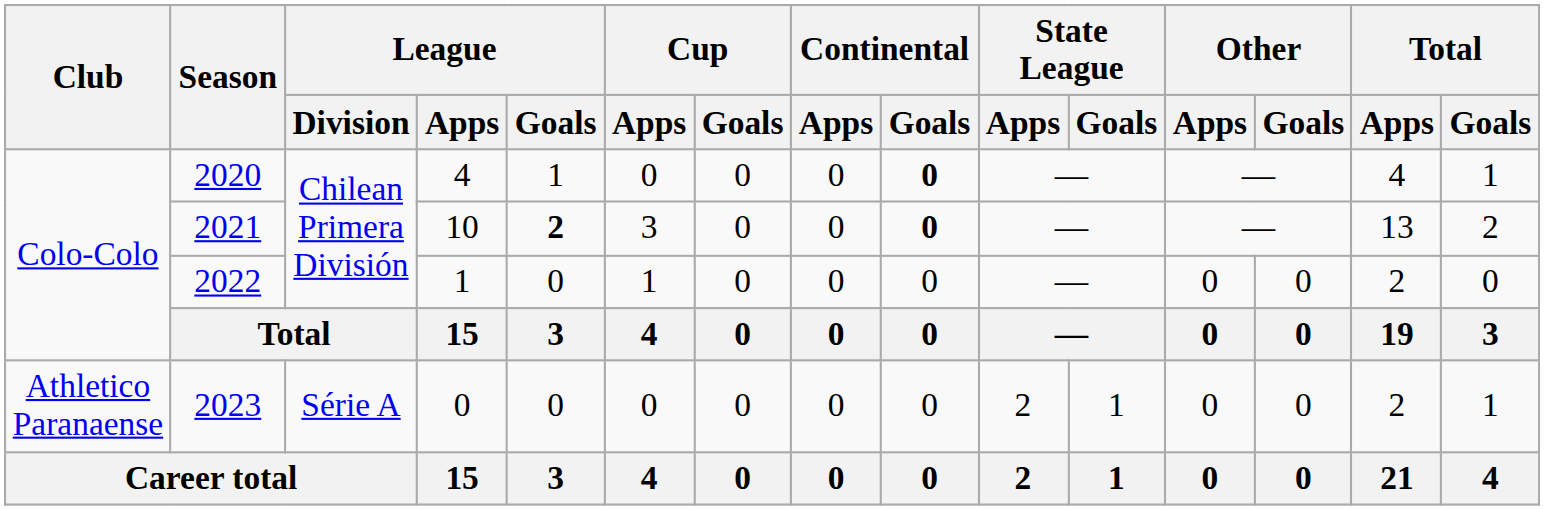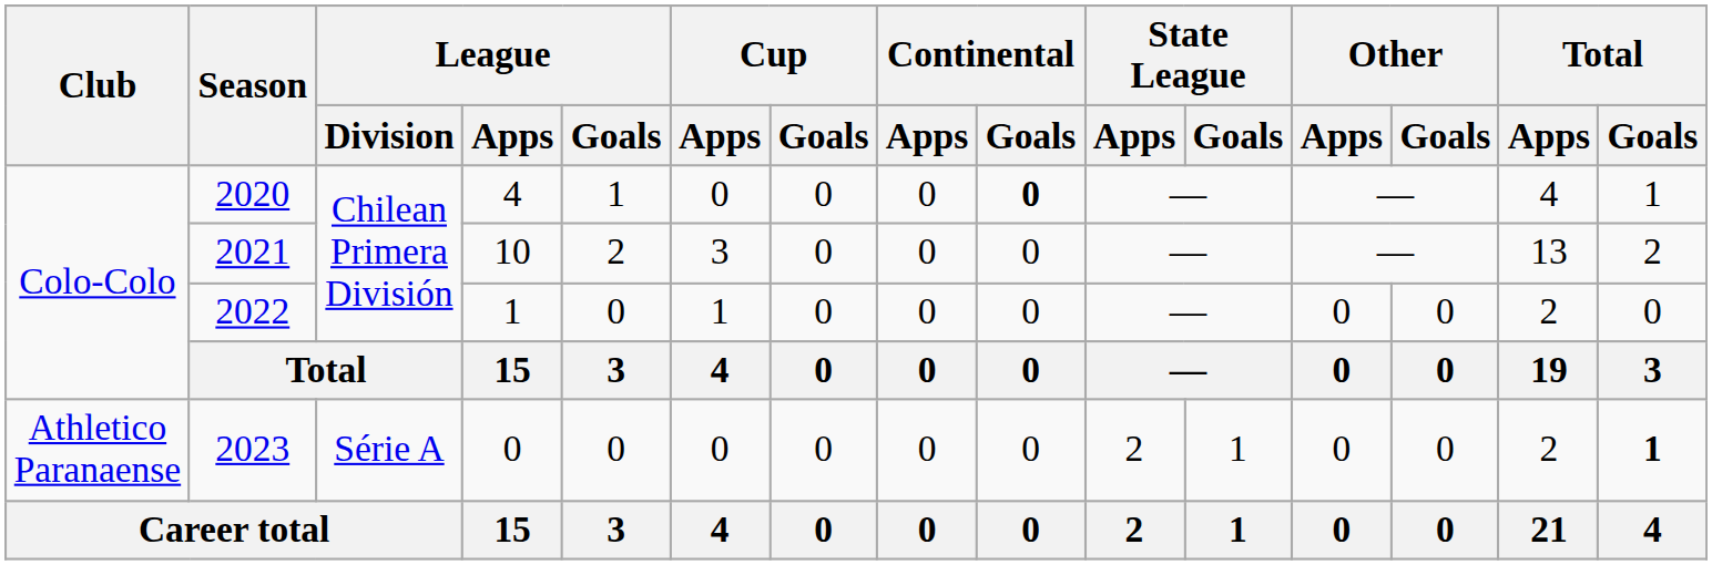 <table class="wikitable" style="text-align: center">
 <tr>
 <th rowspan="2">Club</th>
 <th rowspan="2">Season</th>
 <th colspan="3">League</th>
 <th colspan="2">Cup</th>
 <th colspan="2">Continental</th>
 <th colspan="2">State League</th>
 <th colspan="2">Other</th>
 <th colspan="2">Total</th>
 </tr>
 <tr>
 <th>Division</th>
 <th>Apps</th>
 <th>Goals</th>
 <th>Apps</th>
 <th>Goals</th>
 <th>Apps</th>
 <th>Goals</th>
 <th>Apps</th>
 <th>Goals</th>
 <th>Apps</th>
 <th>Goals</th>
 <th>Apps</th>
 <th>Goals</th>
 </tr>
 <tr>
 <td rowspan="4"><a href='#'>Colo-Colo</a></td>
 <td><a href='#'>2020</a></td>
 <td rowspan="3"><a href='#'>Chilean Primera División</a></td>
 <td>4</td>
 <td>1</td>
 <td>0</td>
 <td>0</td>
 <td>0</td>
 <td><strong>0</strong></td>
 <td colspan="2">—</td>
 <td colspan="2">—</td>
 <td>4</td>
 <td>1</td>
 </tr>
 <tr>
 <td><a href='#'>2021</a></td>
 <td>10</td>
-<td><strong>2</strong></td>
+<td>2</td>
 <td>3</td>
 <td>0</td>
 <td>0</td>
-<td><strong>0</strong></td>
+<td>0</td>
 <td colspan="2">—</td>
 <td colspan="2">—</td>
 <td>13</td>
 <td>2</td>
 </tr>
 <tr>
 <td><a href='#'>2022</a></td>
 <td>1</td>
 <td>0</td>
 <td>1</td>
 <td>0</td>
 <td>0</td>
 <td>0</td>
 <td colspan="2">—</td>
 <td>0</td>
 <td>0</td>
 <td>2</td>
 <td>0</td>
 </tr>
 <tr>
 <th colspan="2">Total</th>
 <th>15</th>
 <th>3</th>
 <th>4</th>
 <th>0</th>
 <th>0</th>
 <th>0</th>
 <th colspan="2">—</th>
 <th>0</th>
 <th>0</th>
 <th>19</th>
 <th>3</th>
 </tr>
 <tr>
 <td><a href='#'>Athletico Paranaense</a></td>
 <td><a href='#'>2023</a></td>
 <td><a href='#'>Série A</a></td>
 <td>0</td>
 <td>0</td>
 <td>0</td>
 <td>0</td>
 <td>0</td>
 <td>0</td>
 <td>2</td>
 <td>1</td>
 <td>0</td>
 <td>0</td>
 <td>2</td>
-<td>1</td>
+<td><strong>1</strong></td>
 </tr>
 <tr>
 <th colspan="3"><strong>Career total</strong></th>
 <th>15</th>
 <th>3</th>
 <th>4</th>
 <th>0</th>
 <th>0</th>
 <th>0</th>
 <th>2</th>
 <th>1</th>
 <th>0</th>
 <th>0</th>
 <th>21</th>
 <th>4</th>
 </tr>
 </table>
